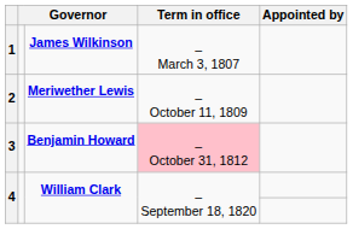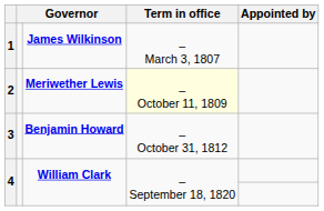 <table class="wikitable sortable" style="text-align:center;">
 <tr>
 <th scope="col" data-sort-type="number"></th>
 <th scope="colgroup" colspan="2">Governor</th>
 <th scope="col">Term in office</th>
 <th scope="col">Appointed by</th>
 </tr>
 <tr style="height:2em;">
 <th scope="row">1</th>
 <td data-sort-value="Wilkinson, James"></td>
 <td><strong><a href='#'>James Wilkinson</a></strong><br><br></td>
 <td><br>–<br>March 3, 1807<br></td>
 <td></td>
 </tr>
 <tr style="height:2em;">
 <th scope="row">2</th>
 <td data-sort-value="Lewis, Meriwether"></td>
 <td><strong><a href='#'>Meriwether Lewis</a></strong><br><br></td>
-<td><br>–<br>October 11, 1809<br></td>
+<td style="background: lightyellow;"><br>–<br>October 11, 1809<br></td>
 <td></td>
 </tr>
 <tr style="height:2em;">
 <th scope="row">3</th>
 <td data-sort-value="Howard, Benjamin"></td>
 <td><strong><a href='#'>Benjamin Howard</a></strong><br><br></td>
-<td style="background: pink;"><br>–<br>October 31, 1812<br></td>
+<td><br>–<br>October 31, 1812<br></td>
 <td></td>
 </tr>
 <tr style="height:2em;">
 <th rowspan="2" scope="rowgroup">4</th>
 <td rowspan="2" data-sort-value="Clark, William"></td>
 <td rowspan="2"><strong><a href='#'>William Clark</a></strong><br><br></td>
 <td rowspan="2"><br>–<br>September 18, 1820<br></td>
 <td></td>
 </tr>
 <tr style="height:2em;">
 <td></td>
 </tr>
 </table>
